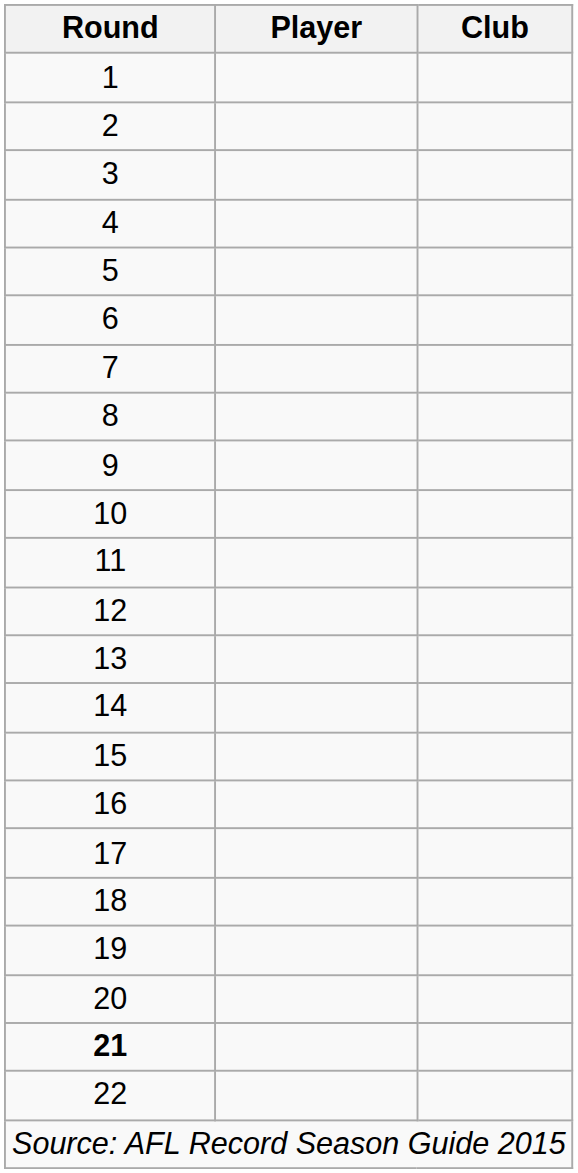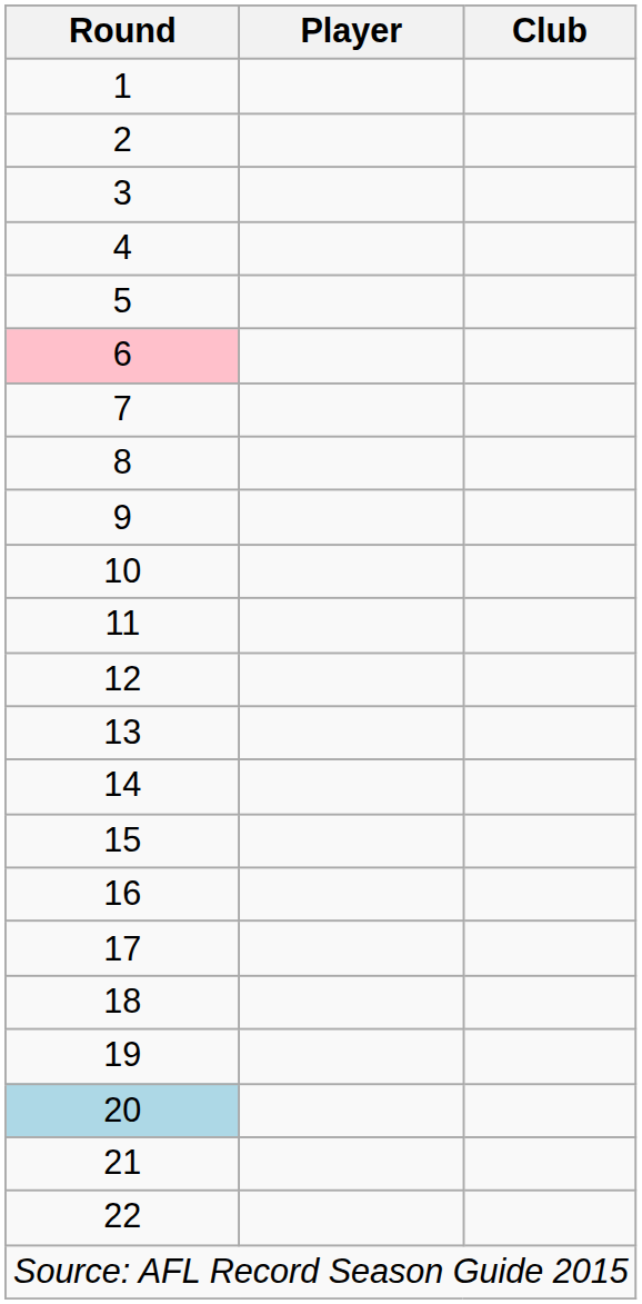 <table class="wikitable sortable" style="text-align:center">
 <tr>
 <th>Round</th>
 <th>Player</th>
 <th>Club</th>
 </tr>
 <tr>
 <td>1</td>
 <td></td>
 <td></td>
 </tr>
 <tr>
 <td>2</td>
 <td></td>
 <td></td>
 </tr>
 <tr>
 <td>3</td>
 <td></td>
 <td></td>
 </tr>
 <tr>
 <td>4</td>
 <td><strong></strong></td>
 <td><strong></strong></td>
 </tr>
 <tr>
 <td>5</td>
 <td></td>
 <td></td>
 </tr>
 <tr>
-<td>6</td>
+<td style="background: pink;">6</td>
 <td></td>
 <td></td>
 </tr>
 <tr>
 <td>7</td>
 <td></td>
 <td></td>
 </tr>
 <tr>
 <td>8</td>
 <td></td>
 <td></td>
 </tr>
 <tr>
 <td>9</td>
 <td></td>
 <td></td>
 </tr>
 <tr>
 <td>10</td>
 <td></td>
 <td></td>
 </tr>
 <tr>
 <td>11</td>
 <td></td>
 <td></td>
 </tr>
 <tr>
 <td>12</td>
 <td></td>
 <td></td>
 </tr>
 <tr>
 <td>13</td>
 <td></td>
 <td></td>
 </tr>
 <tr>
 <td>14</td>
 <td></td>
 <td></td>
 </tr>
 <tr>
 <td>15</td>
 <td></td>
 <td></td>
 </tr>
 <tr>
 <td>16</td>
 <td></td>
 <td></td>
 </tr>
 <tr>
 <td>17</td>
 <td></td>
 <td></td>
 </tr>
 <tr>
 <td>18</td>
 <td></td>
 <td></td>
 </tr>
 <tr>
 <td>19</td>
 <td></td>
 <td></td>
 </tr>
 <tr>
-<td>20</td>
+<td style="background: lightblue;">20</td>
 <td></td>
 <td></td>
 </tr>
 <tr>
-<td><strong>21</strong></td>
+<td>21</td>
 <td></td>
 <td></td>
 </tr>
 <tr>
 <td>22</td>
 <td></td>
 <td></td>
 </tr>
 <tr class="sortbottom">
 <td colspan=4><em>Source: AFL Record Season Guide 2015</em></td>
 </tr>
 </table>
